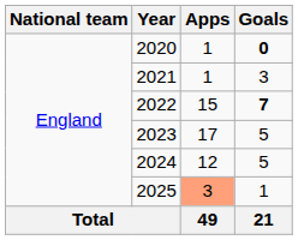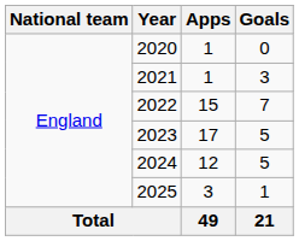 <table class="wikitable" style="text-align:center">
 <tr>
 <th>National team</th>
 <th>Year</th>
 <th>Apps</th>
 <th>Goals</th>
 </tr>
 <tr>
 <td rowspan="6"><a href='#'>England</a></td>
 <td>2020</td>
 <td>1</td>
-<td><strong>0</strong></td>
+<td>0</td>
 </tr>
 <tr>
 <td>2021</td>
 <td>1</td>
 <td>3</td>
 </tr>
 <tr>
 <td>2022</td>
 <td>15</td>
-<td><strong>7</strong></td>
+<td>7</td>
 </tr>
 <tr>
 <td>2023</td>
 <td>17</td>
 <td>5</td>
 </tr>
 <tr>
 <td>2024</td>
 <td>12</td>
 <td>5</td>
 </tr>
 <tr>
 <td>2025</td>
-<td style="background: lightsalmon;">3</td>
+<td>3</td>
 <td>1</td>
 </tr>
 <tr>
 <th colspan="2".>Total</th>
 <th>49</th>
 <th>21</th>
 </tr>
 </table>
